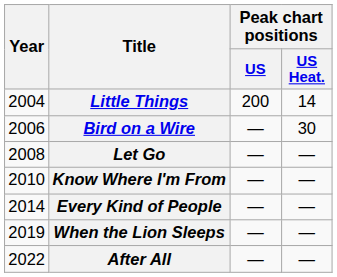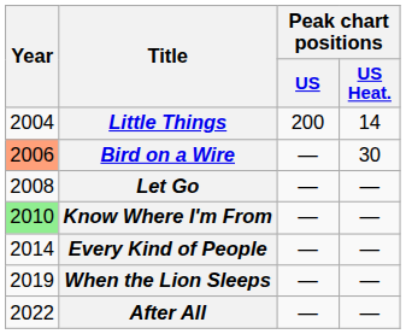 <table class="wikitable plainrowheaders">
 <tr>
 <th scope="col" rowspan="2">Year</th>
 <th scope="col" rowspan="2">Title</th>
 <th scope="col" colspan="2">Peak chart positions</th>
 </tr>
 <tr>
 <th scope="col" style="width:3em;font-size:90%"><a href='#'>US</a><br></th>
 <th scope="col" style="width:3em;font-size:90%"><a href='#'>US<br>Heat.</a><br></th>
 </tr>
 <tr>
 <td>2004</td>
 <th scope="row"><em><a href='#'>Little Things</a></em></th>
 <td align=center>200</td>
 <td align=center>14</td>
 </tr>
 <tr>
-<td>2006</td>
+<td style="background: lightsalmon;">2006</td>
 <th scope="row"><em><a href='#'>Bird on a Wire</a></em></th>
 <td align=center>—</td>
 <td align=center>30</td>
 </tr>
 <tr>
 <td>2008</td>
 <th scope="row"><em>Let Go</em></th>
 <td align=center>—</td>
 <td align=center>—</td>
 </tr>
 <tr>
-<td>2010</td>
+<td style="background: lightgreen;">2010</td>
 <th scope="row"><em>Know Where I'm From</em></th>
 <td align=center>—</td>
 <td align=center>—</td>
 </tr>
 <tr>
 <td>2014</td>
 <th scope="row"><em>Every Kind of People</em></th>
 <td align=center>—</td>
 <td align=center>—</td>
 </tr>
 <tr>
 <td>2019</td>
 <th scope="row"><em>When the Lion Sleeps</em></th>
 <td align=center>—</td>
 <td align=center>—</td>
 </tr>
 <tr>
 <td>2022</td>
 <th scope="row"><em>After All</em></th>
 <td align=center>—</td>
 <td align=center>—</td>
 </tr>
 </table>
